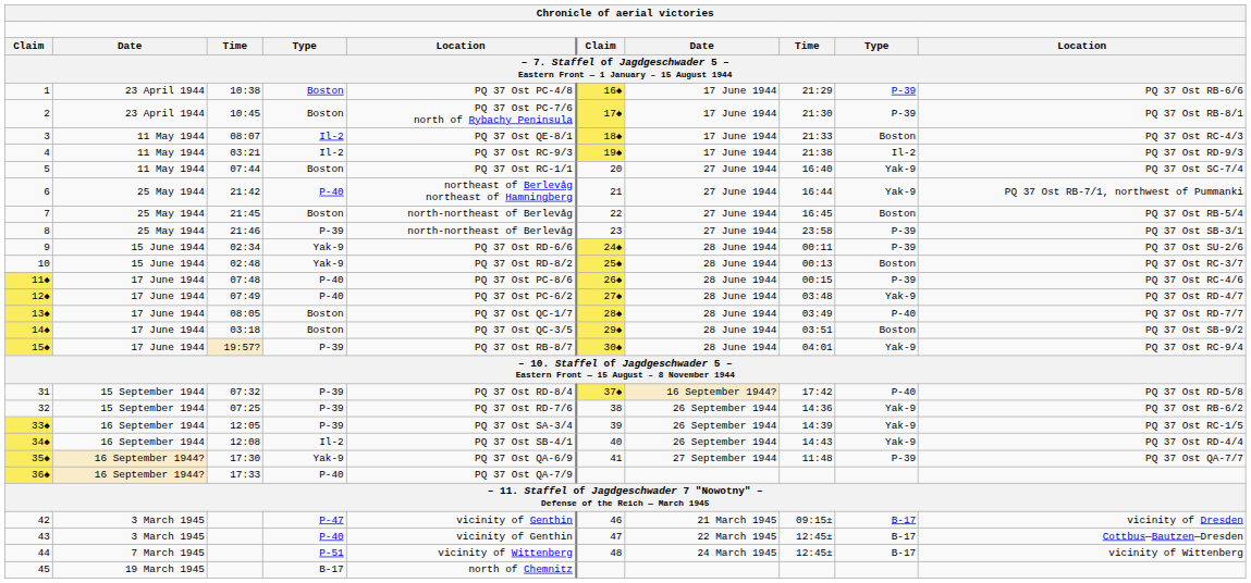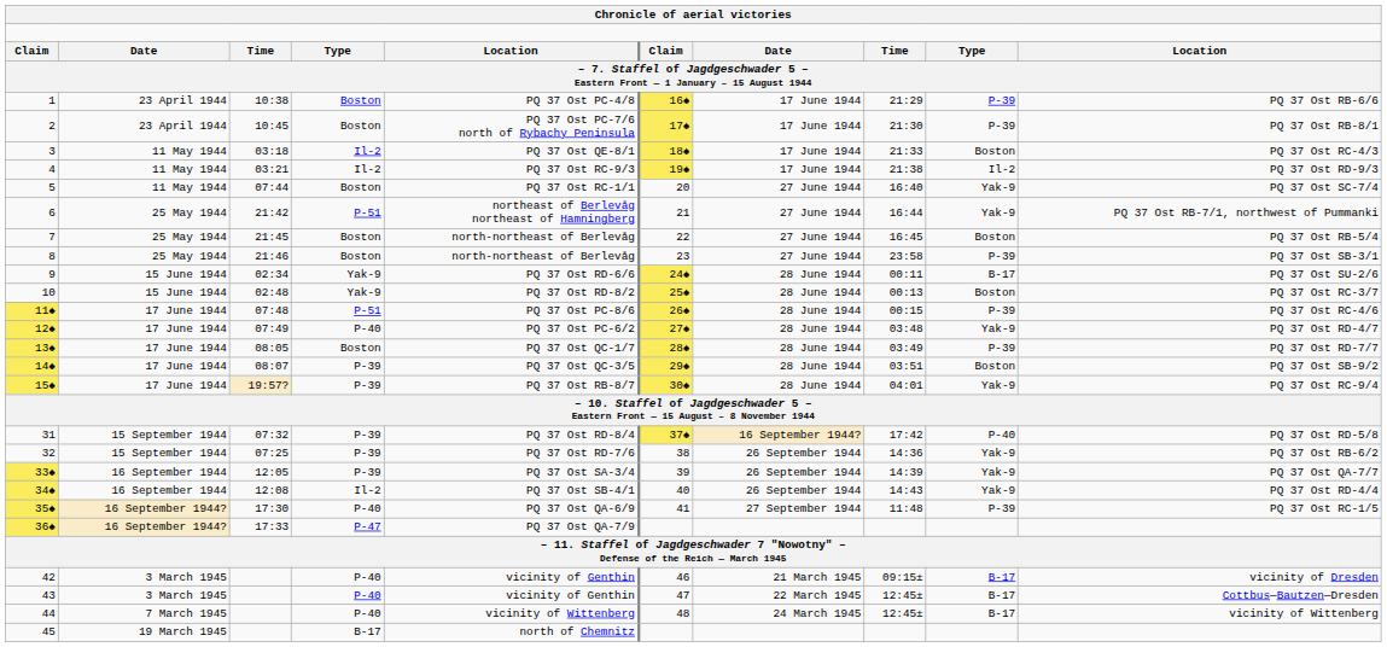 <table class="wikitable plainrowheaders collapsible" style="margin-left: auto; margin-right: auto; border: none; text-align:right; width: 100%;">
 <tr>
 <th colspan="10">Chronicle of aerial victories</th>
 </tr>
 <tr>
 <td colspan="10" style="text-align: left;"><br> </td>
 </tr>
 <tr>
 <th scope="col">Claim</th>
 <th scope="col">Date</th>
 <th scope="col">Time</th>
 <th scope="col" width="100px">Type</th>
 <th scope="col">Location</th>
 <th scope="col" style="border-left: 3px solid grey;">Claim</th>
 <th scope="col">Date</th>
 <th scope="col">Time</th>
 <th scope="col" width="100px">Type</th>
 <th scope="col">Location</th>
 </tr>
 <tr>
 <th colspan="10">– 7. <em>Staffel</em> of <em>Jagdgeschwader</em> 5 –<br><small>Eastern Front — 1 January – 15 August 1944</small></th>
 </tr>
 <tr>
 <td>1</td>
 <td>23 April 1944</td>
 <td>10:38</td>
 <td><a href='#'>Boston</a></td>
 <td>PQ 37 Ost PC-4/8</td>
 <td style="border-left: 3px solid grey; background:#fbec5d;">16♠</td>
 <td>17 June 1944</td>
 <td>21:29</td>
 <td><a href='#'>P-39</a></td>
 <td>PQ 37 Ost RB-6/6</td>
 </tr>
 <tr>
 <td>2</td>
 <td>23 April 1944</td>
 <td>10:45</td>
 <td>Boston</td>
 <td>PQ 37 Ost PC-7/6<br>north of <a href='#'>Rybachy Peninsula</a></td>
 <td style="border-left: 3px solid grey; background:#fbec5d;">17♠</td>
 <td>17 June 1944</td>
 <td>21:30</td>
 <td>P-39</td>
 <td>PQ 37 Ost RB-8/1</td>
 </tr>
 <tr>
 <td>3</td>
 <td>11 May 1944</td>
-<td>08:07</td>
+<td>03:18</td>
 <td><a href='#'>Il-2</a></td>
 <td>PQ 37 Ost QE-8/1</td>
 <td style="border-left: 3px solid grey; background:#fbec5d;">18♠</td>
 <td>17 June 1944</td>
 <td>21:33</td>
 <td>Boston</td>
 <td>PQ 37 Ost RC-4/3</td>
 </tr>
 <tr>
 <td>4</td>
 <td>11 May 1944</td>
 <td>03:21</td>
 <td>Il-2</td>
 <td>PQ 37 Ost RC-9/3</td>
 <td style="border-left: 3px solid grey; background:#fbec5d;">19♠</td>
 <td>17 June 1944</td>
 <td>21:38</td>
 <td>Il-2</td>
 <td>PQ 37 Ost RD-9/3</td>
 </tr>
 <tr>
 <td>5</td>
 <td>11 May 1944</td>
 <td>07:44</td>
 <td>Boston</td>
 <td>PQ 37 Ost RC-1/1</td>
 <td style="border-left: 3px solid grey;">20</td>
 <td>27 June 1944</td>
 <td>16:40</td>
 <td>Yak-9</td>
 <td>PQ 37 Ost SC-7/4</td>
 </tr>
 <tr>
 <td>6</td>
 <td>25 May 1944</td>
 <td>21:42</td>
-<td><a href='#'>P-40</a></td>
+<td><a href='#'>P-51</a></td>
 <td>northeast of <a href='#'>Berlevåg</a><br>northeast of <a href='#'>Hamningberg</a></td>
 <td style="border-left: 3px solid grey;">21</td>
 <td>27 June 1944</td>
 <td>16:44</td>
 <td>Yak-9</td>
 <td>PQ 37 Ost RB-7/1, northwest of Pummanki</td>
 </tr>
 <tr>
 <td>7</td>
 <td>25 May 1944</td>
 <td>21:45</td>
 <td>Boston</td>
 <td>north-northeast of Berlevåg</td>
 <td style="border-left: 3px solid grey;">22</td>
 <td>27 June 1944</td>
 <td>16:45</td>
 <td>Boston</td>
 <td>PQ 37 Ost RB-5/4</td>
 </tr>
 <tr>
 <td>8</td>
 <td>25 May 1944</td>
 <td>21:46</td>
-<td>P-39</td>
+<td>Boston</td>
 <td>north-northeast of Berlevåg</td>
 <td style="border-left: 3px solid grey;">23</td>
 <td>27 June 1944</td>
 <td>23:58</td>
 <td>P-39</td>
 <td>PQ 37 Ost SB-3/1</td>
 </tr>
 <tr>
 <td>9</td>
 <td>15 June 1944</td>
 <td>02:34</td>
 <td>Yak-9</td>
 <td>PQ 37 Ost RD-6/6</td>
 <td style="border-left: 3px solid grey; background:#fbec5d;">24♠</td>
 <td>28 June 1944</td>
 <td>00:11</td>
-<td>P-39</td>
+<td>B-17</td>
 <td>PQ 37 Ost SU-2/6</td>
 </tr>
 <tr>
 <td>10</td>
 <td>15 June 1944</td>
 <td>02:48</td>
 <td>Yak-9</td>
 <td>PQ 37 Ost RD-8/2</td>
 <td style="border-left: 3px solid grey; background:#fbec5d;">25♠</td>
 <td>28 June 1944</td>
 <td>00:13</td>
 <td>Boston</td>
 <td>PQ 37 Ost RC-3/7</td>
 </tr>
 <tr>
 <td style="background:#fbec5d;">11♠</td>
 <td>17 June 1944</td>
 <td>07:48</td>
-<td>P-40</td>
+<td><a href='#'>P-51</a></td>
 <td>PQ 37 Ost PC-8/6</td>
 <td style="border-left: 3px solid grey; background:#fbec5d;">26♠</td>
 <td>28 June 1944</td>
 <td>00:15</td>
 <td>P-39</td>
 <td>PQ 37 Ost RC-4/6</td>
 </tr>
 <tr>
 <td style="background:#fbec5d;">12♠</td>
 <td>17 June 1944</td>
 <td>07:49</td>
 <td>P-40</td>
 <td>PQ 37 Ost PC-6/2</td>
 <td style="border-left: 3px solid grey; background:#fbec5d;">27♠</td>
 <td>28 June 1944</td>
 <td>03:48</td>
 <td>Yak-9</td>
 <td>PQ 37 Ost RD-4/7</td>
 </tr>
 <tr>
 <td style="background:#fbec5d;">13♠</td>
 <td>17 June 1944</td>
 <td>08:05</td>
 <td>Boston</td>
 <td>PQ 37 Ost QC-1/7</td>
 <td style="border-left: 3px solid grey; background:#fbec5d;">28♠</td>
 <td>28 June 1944</td>
 <td>03:49</td>
-<td>P-40</td>
+<td>P-39</td>
 <td>PQ 37 Ost RD-7/7</td>
 </tr>
 <tr>
 <td style="background:#fbec5d;">14♠</td>
 <td>17 June 1944</td>
-<td>03:18</td>
-<td>Boston</td>
+<td>08:07</td>
+<td>P-39</td>
 <td>PQ 37 Ost QC-3/5</td>
 <td style="border-left: 3px solid grey; background:#fbec5d;">29♠</td>
 <td>28 June 1944</td>
 <td>03:51</td>
 <td>Boston</td>
 <td>PQ 37 Ost SB-9/2</td>
 </tr>
 <tr>
 <td style="background:#fbec5d;">15♠</td>
 <td>17 June 1944</td>
 <td style="background:#faecc8">19:57?</td>
 <td>P-39</td>
 <td>PQ 37 Ost RB-8/7</td>
 <td style="border-left: 3px solid grey; background:#fbec5d;">30♠</td>
 <td>28 June 1944</td>
 <td>04:01</td>
 <td>Yak-9</td>
 <td>PQ 37 Ost RC-9/4</td>
 </tr>
 <tr>
 <th colspan="10">– 10. <em>Staffel</em> of <em>Jagdgeschwader</em> 5 –<br><small>Eastern Front — 15 August – 8 November 1944</small></th>
 </tr>
 <tr>
 <td>31</td>
 <td>15 September 1944</td>
 <td>07:32</td>
 <td>P-39</td>
 <td>PQ 37 Ost RD-8/4</td>
 <td style="border-left: 3px solid grey; background:#fbec5d;">37♠</td>
 <td style="background:#faecc8">16 September 1944?</td>
 <td>17:42</td>
 <td>P-40</td>
 <td>PQ 37 Ost RD-5/8</td>
 </tr>
 <tr>
 <td>32</td>
 <td>15 September 1944</td>
 <td>07:25</td>
 <td>P-39</td>
 <td>PQ 37 Ost RD-7/6</td>
 <td style="border-left: 3px solid grey;">38</td>
 <td>26 September 1944</td>
 <td>14:36</td>
 <td>Yak-9</td>
 <td>PQ 37 Ost RB-6/2</td>
 </tr>
 <tr>
 <td style="background:#fbec5d;">33♠</td>
 <td>16 September 1944</td>
 <td>12:05</td>
 <td>P-39</td>
 <td>PQ 37 Ost SA-3/4</td>
 <td style="border-left: 3px solid grey;">39</td>
 <td>26 September 1944</td>
 <td>14:39</td>
 <td>Yak-9</td>
-<td>PQ 37 Ost RC-1/5</td>
+<td>PQ 37 Ost QA-7/7</td>
 </tr>
 <tr>
 <td style="background:#fbec5d;">34♠</td>
 <td>16 September 1944</td>
 <td>12:08</td>
 <td>Il-2</td>
 <td>PQ 37 Ost SB-4/1</td>
 <td style="border-left: 3px solid grey;">40</td>
 <td>26 September 1944</td>
 <td>14:43</td>
 <td>Yak-9</td>
 <td>PQ 37 Ost RD-4/4</td>
 </tr>
 <tr>
 <td style="background:#fbec5d;">35♠</td>
 <td style="background:#faecc8">16 September 1944?</td>
 <td>17:30</td>
-<td>Yak-9</td>
+<td>P-40</td>
 <td>PQ 37 Ost QA-6/9</td>
 <td style="border-left: 3px solid grey;">41</td>
 <td>27 September 1944</td>
 <td>11:48</td>
 <td>P-39</td>
-<td>PQ 37 Ost QA-7/7</td>
+<td>PQ 37 Ost RC-1/5</td>
 </tr>
 <tr>
 <td style="background:#fbec5d;">36♠</td>
 <td style="background:#faecc8">16 September 1944?</td>
 <td>17:33</td>
-<td>P-40</td>
+<td><a href='#'>P-47</a></td>
 <td>PQ 37 Ost QA-7/9</td>
 <td style="border-left: 3px solid grey;"></td>
 <td></td>
 <td></td>
 <td></td>
 <td></td>
 </tr>
 <tr>
 <th colspan="10">– 11. <em>Staffel</em> of <em>Jagdgeschwader</em> 7 "Nowotny" –<br><small>Defense of the Reich — March 1945</small></th>
 </tr>
 <tr>
 <td>42</td>
 <td>3 March 1945</td>
 <td></td>
-<td><a href='#'>P-47</a></td>
+<td>P-40</td>
 <td>vicinity of <a href='#'>Genthin</a></td>
 <td style="border-left: 3px solid grey;">46</td>
 <td>21 March 1945</td>
 <td>09:15±</td>
 <td><a href='#'>B-17</a></td>
 <td>vicinity of <a href='#'>Dresden</a></td>
 </tr>
 <tr>
 <td>43</td>
 <td>3 March 1945</td>
 <td></td>
 <td><a href='#'>P-40</a></td>
 <td>vicinity of Genthin</td>
 <td style="border-left: 3px solid grey;">47</td>
 <td>22 March 1945</td>
 <td>12:45±</td>
 <td>B-17</td>
 <td><a href='#'>Cottbus</a>—<a href='#'>Bautzen</a>—Dresden</td>
 </tr>
 <tr>
 <td>44</td>
 <td>7 March 1945</td>
 <td></td>
-<td><a href='#'>P-51</a></td>
+<td>P-40</td>
 <td>vicinity of <a href='#'>Wittenberg</a></td>
 <td style="border-left: 3px solid grey;">48</td>
 <td>24 March 1945</td>
 <td>12:45±</td>
 <td>B-17</td>
 <td>vicinity of Wittenberg</td>
 </tr>
 <tr>
 <td>45</td>
 <td>19 March 1945</td>
 <td></td>
 <td>B-17</td>
 <td>north of <a href='#'>Chemnitz</a></td>
 <td style="border-left: 3px solid grey;"></td>
 <td></td>
 <td></td>
 <td></td>
 <td></td>
 </tr>
 </table>
